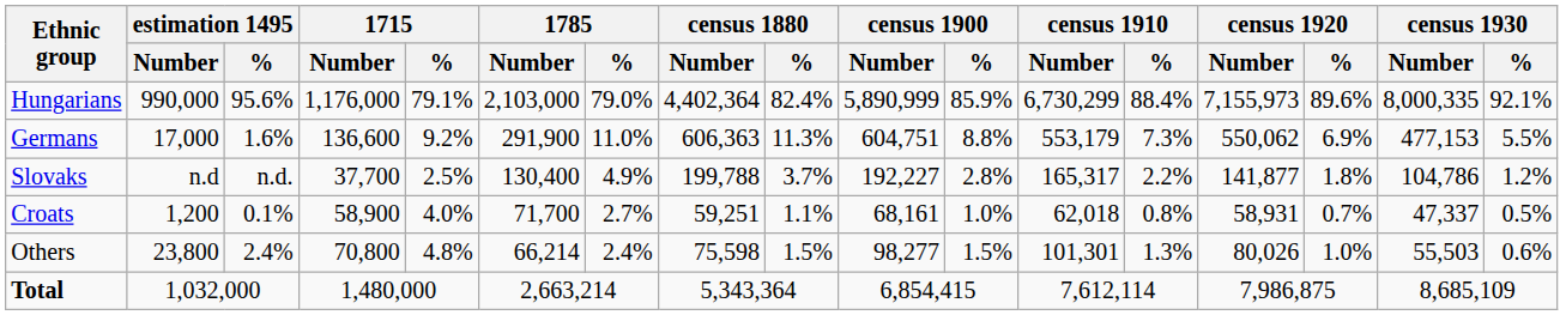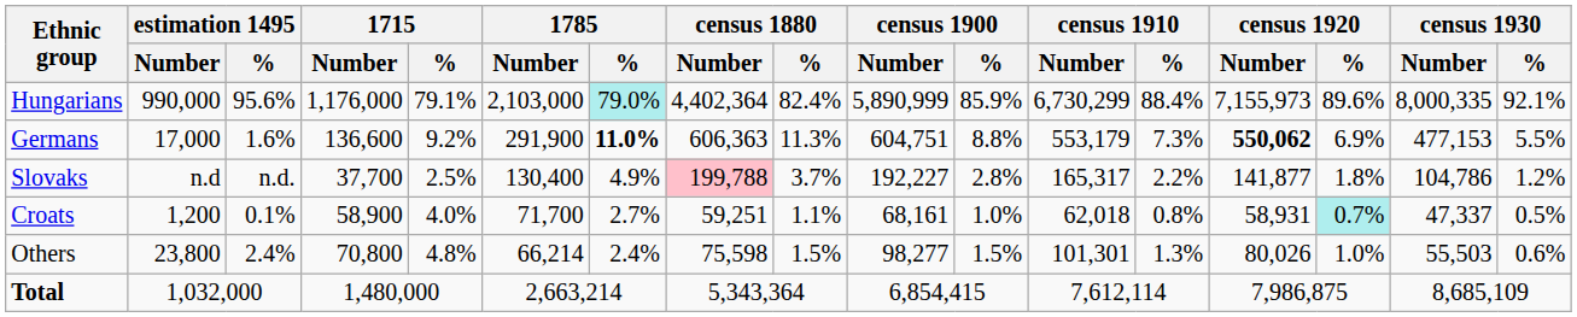 <table class="wikitable" style="text-align: right;">
 <tr bgcolor="#e0e0e0">
 <th rowspan="2">Ethnic<br>group</th>
 <th colspan="2">estimation 1495</th>
 <th colspan="2">1715</th>
 <th colspan="2">1785</th>
 <th colspan="2">census 1880</th>
 <th colspan="2">census 1900</th>
 <th colspan="2">census 1910</th>
 <th colspan="2">census 1920</th>
 <th colspan="2">census 1930</th>
 </tr>
 <tr bgcolor="#e0e0e0">
 <th>Number</th>
 <th>%</th>
 <th>Number</th>
 <th>%</th>
 <th>Number</th>
 <th>%</th>
 <th>Number</th>
 <th>%</th>
 <th>Number</th>
 <th>%</th>
 <th>Number</th>
 <th>%</th>
 <th>Number</th>
 <th>%</th>
 <th>Number</th>
 <th>%</th>
 </tr>
 <tr>
 <td align="left"><a href='#'>Hungarians</a></td>
 <td>990,000</td>
 <td>95.6%</td>
 <td>1,176,000</td>
 <td>79.1%</td>
 <td>2,103,000</td>
-<td>79.0%</td>
+<td style="background: paleturquoise;">79.0%</td>
 <td>4,402,364</td>
 <td>82.4%</td>
 <td>5,890,999</td>
 <td>85.9%</td>
 <td>6,730,299</td>
 <td>88.4%</td>
 <td>7,155,973</td>
 <td>89.6%</td>
 <td>8,000,335</td>
 <td>92.1%</td>
 </tr>
 <tr>
 <td align="left"><a href='#'>Germans</a></td>
 <td>17,000</td>
 <td>1.6%</td>
 <td>136,600</td>
 <td>9.2%</td>
 <td>291,900</td>
-<td>11.0%</td>
+<td><strong>11.0%</strong></td>
 <td>606,363</td>
 <td>11.3%</td>
 <td>604,751</td>
 <td>8.8%</td>
 <td>553,179</td>
 <td>7.3%</td>
-<td>550,062</td>
+<td><strong>550,062</strong></td>
 <td>6.9%</td>
 <td>477,153</td>
 <td>5.5%</td>
 </tr>
 <tr>
 <td align="left"><a href='#'>Slovaks</a></td>
 <td>n.d</td>
 <td>n.d.</td>
 <td>37,700</td>
 <td>2.5%</td>
 <td>130,400</td>
 <td>4.9%</td>
-<td>199,788</td>
+<td style="background: pink;">199,788</td>
 <td>3.7%</td>
 <td>192,227</td>
 <td>2.8%</td>
 <td>165,317</td>
 <td>2.2%</td>
 <td>141,877</td>
 <td>1.8%</td>
 <td>104,786</td>
 <td>1.2%</td>
 </tr>
 <tr>
 <td align="left"><a href='#'>Croats</a></td>
 <td>1,200</td>
 <td>0.1%</td>
 <td>58,900</td>
 <td>4.0%</td>
 <td>71,700</td>
 <td>2.7%</td>
 <td>59,251</td>
 <td>1.1%</td>
 <td>68,161</td>
 <td>1.0%</td>
 <td>62,018</td>
 <td>0.8%</td>
 <td>58,931</td>
-<td>0.7%</td>
+<td style="background: paleturquoise;">0.7%</td>
 <td>47,337</td>
 <td>0.5%</td>
 </tr>
 <tr>
 <td align="left">Others</td>
 <td>23,800</td>
 <td>2.4%</td>
 <td>70,800</td>
 <td>4.8%</td>
 <td>66,214</td>
 <td>2.4%</td>
 <td>75,598</td>
 <td>1.5%</td>
 <td>98,277</td>
 <td>1.5%</td>
 <td>101,301</td>
 <td>1.3%</td>
 <td>80,026</td>
 <td>1.0%</td>
 <td>55,503</td>
 <td>0.6%</td>
 </tr>
 <tr>
 <td align="left"><strong>Total</strong></td>
 <td colspan="2" align="center">1,032,000</td>
 <td colspan="2" align="center">1,480,000</td>
 <td colspan="2" align="center">2,663,214</td>
 <td colspan="2" align="center">5,343,364</td>
 <td colspan="2" align="center">6,854,415</td>
 <td colspan="2" align="center">7,612,114</td>
 <td colspan="2" align="center">7,986,875</td>
 <td colspan="2" align="center">8,685,109</td>
 </tr>
 </table>
